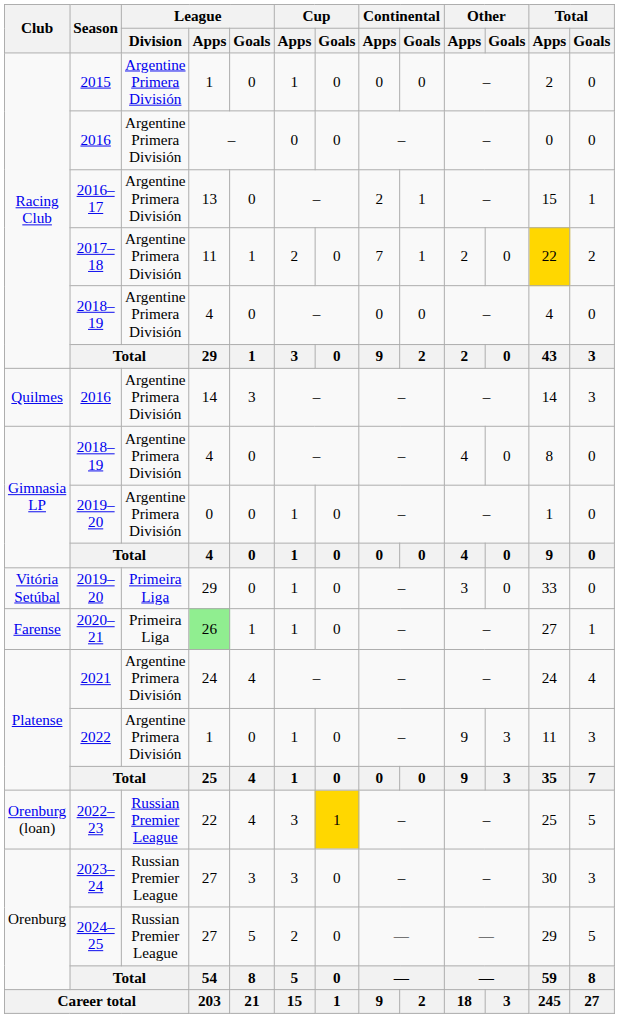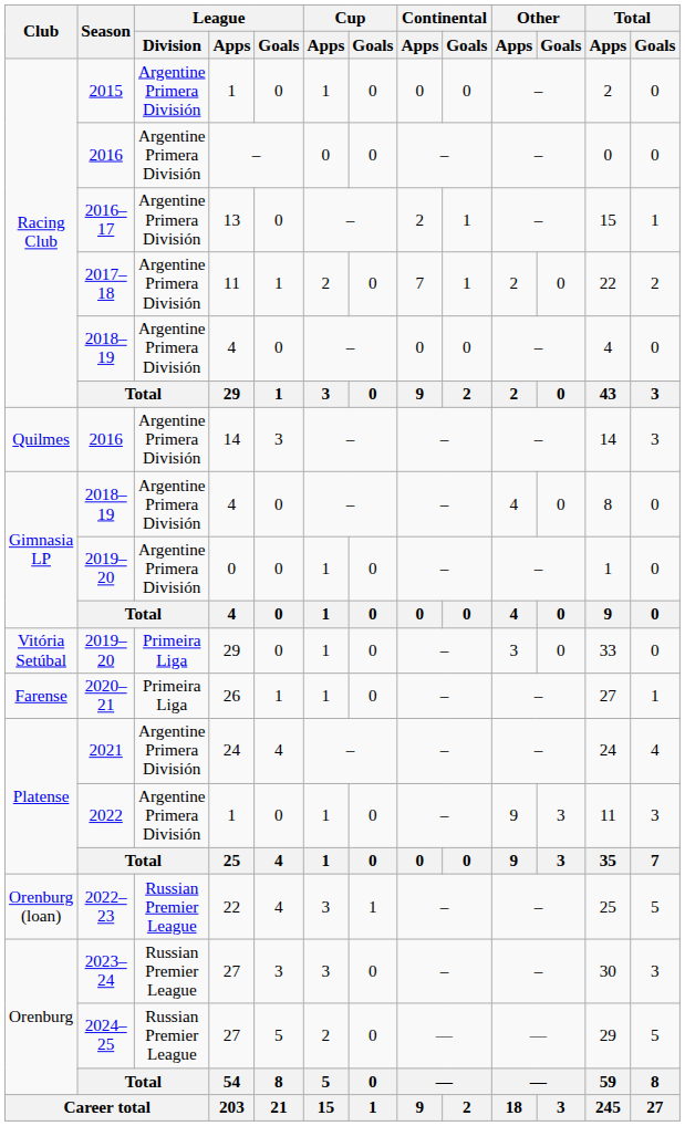 <table class="wikitable" style="text-align: center;">
 <tr>
 <th rowspan="2">Club</th>
 <th rowspan="2">Season</th>
 <th colspan="3">League</th>
 <th colspan="2">Cup</th>
 <th colspan="2">Continental</th>
 <th colspan="2">Other</th>
 <th colspan="2">Total</th>
 </tr>
 <tr>
 <th>Division</th>
 <th>Apps</th>
 <th>Goals</th>
 <th>Apps</th>
 <th>Goals</th>
 <th>Apps</th>
 <th>Goals</th>
 <th>Apps</th>
 <th>Goals</th>
 <th>Apps</th>
 <th>Goals</th>
 </tr>
 <tr>
 <td rowspan="6"><a href='#'>Racing Club</a></td>
 <td><a href='#'>2015</a></td>
 <td><a href='#'>Argentine Primera División</a></td>
 <td>1</td>
 <td>0</td>
 <td>1</td>
 <td>0</td>
 <td>0</td>
 <td>0</td>
 <td colspan=2>–</td>
 <td>2</td>
 <td>0</td>
 </tr>
 <tr>
 <td><a href='#'>2016</a></td>
 <td>Argentine Primera División</td>
 <td colspan=2>–</td>
 <td>0</td>
 <td>0</td>
 <td colspan=2>–</td>
 <td colspan=2>–</td>
 <td>0</td>
 <td>0</td>
 </tr>
 <tr>
 <td><a href='#'>2016–17</a></td>
 <td>Argentine Primera División</td>
 <td>13</td>
 <td>0</td>
 <td colspan=2>–</td>
 <td>2</td>
 <td>1</td>
 <td colspan=2>–</td>
 <td>15</td>
 <td>1</td>
 </tr>
 <tr>
 <td><a href='#'>2017–18</a></td>
 <td>Argentine Primera División</td>
 <td>11</td>
 <td>1</td>
 <td>2</td>
 <td>0</td>
 <td>7</td>
 <td>1</td>
 <td>2</td>
 <td>0</td>
-<td style="background: gold;">22</td>
+<td>22</td>
 <td>2</td>
 </tr>
 <tr>
 <td><a href='#'>2018–19</a></td>
 <td>Argentine Primera División</td>
 <td>4</td>
 <td>0</td>
 <td colspan=2>–</td>
 <td>0</td>
 <td>0</td>
 <td colspan=2>–</td>
 <td>4</td>
 <td>0</td>
 </tr>
 <tr>
 <th colspan=2>Total</th>
 <th>29</th>
 <th>1</th>
 <th>3</th>
 <th>0</th>
 <th>9</th>
 <th>2</th>
 <th>2</th>
 <th>0</th>
 <th>43</th>
 <th>3</th>
 </tr>
 <tr>
 <td><a href='#'>Quilmes</a></td>
 <td><a href='#'>2016</a></td>
 <td>Argentine Primera División</td>
 <td>14</td>
 <td>3</td>
 <td colspan=2>–</td>
 <td colspan=2>–</td>
 <td colspan=2>–</td>
 <td>14</td>
 <td>3</td>
 </tr>
 <tr>
 <td rowspan="3"><a href='#'>Gimnasia LP</a></td>
 <td><a href='#'>2018–19</a></td>
 <td>Argentine Primera División</td>
 <td>4</td>
 <td>0</td>
 <td colspan=2>–</td>
 <td colspan=2>–</td>
 <td>4</td>
 <td>0</td>
 <td>8</td>
 <td>0</td>
 </tr>
 <tr>
 <td><a href='#'>2019–20</a></td>
 <td>Argentine Primera División</td>
 <td>0</td>
 <td>0</td>
 <td>1</td>
 <td>0</td>
 <td colspan=2>–</td>
 <td colspan=2>–</td>
 <td>1</td>
 <td>0</td>
 </tr>
 <tr>
 <th colspan=2>Total</th>
 <th>4</th>
 <th>0</th>
 <th>1</th>
 <th>0</th>
 <th>0</th>
 <th>0</th>
 <th>4</th>
 <th>0</th>
 <th>9</th>
 <th>0</th>
 </tr>
 <tr>
 <td><a href='#'>Vitória Setúbal</a></td>
 <td><a href='#'>2019–20</a></td>
 <td><a href='#'>Primeira Liga</a></td>
 <td>29</td>
 <td>0</td>
 <td>1</td>
 <td>0</td>
 <td colspan=2>–</td>
 <td>3</td>
 <td>0</td>
 <td>33</td>
 <td>0</td>
 </tr>
 <tr>
 <td><a href='#'>Farense</a></td>
 <td><a href='#'>2020–21</a></td>
 <td>Primeira Liga</td>
-<td style="background: lightgreen;">26</td>
+<td>26</td>
 <td>1</td>
 <td>1</td>
 <td>0</td>
 <td colspan=2>–</td>
 <td colspan=2>–</td>
 <td>27</td>
 <td>1</td>
 </tr>
 <tr>
 <td rowspan="3"><a href='#'>Platense</a></td>
 <td><a href='#'>2021</a></td>
 <td>Argentine Primera División</td>
 <td>24</td>
 <td>4</td>
 <td colspan=2>–</td>
 <td colspan=2>–</td>
 <td colspan=2>–</td>
 <td>24</td>
 <td>4</td>
 </tr>
 <tr>
 <td><a href='#'>2022</a></td>
 <td>Argentine Primera División</td>
 <td>1</td>
 <td>0</td>
 <td>1</td>
 <td>0</td>
 <td colspan=2>–</td>
 <td>9</td>
 <td>3</td>
 <td>11</td>
 <td>3</td>
 </tr>
 <tr>
 <th colspan=2>Total</th>
 <th>25</th>
 <th>4</th>
 <th>1</th>
 <th>0</th>
 <th>0</th>
 <th>0</th>
 <th>9</th>
 <th>3</th>
 <th>35</th>
 <th>7</th>
 </tr>
 <tr>
 <td><a href='#'>Orenburg</a> (loan)</td>
 <td><a href='#'>2022–23</a></td>
 <td><a href='#'>Russian Premier League</a></td>
 <td>22</td>
 <td>4</td>
 <td>3</td>
-<td style="background: gold;">1</td>
+<td>1</td>
 <td colspan=2>–</td>
 <td colspan=2>–</td>
 <td>25</td>
 <td>5</td>
 </tr>
 <tr>
 <td rowspan="3">Orenburg</td>
 <td><a href='#'>2023–24</a></td>
 <td>Russian Premier League</td>
 <td>27</td>
 <td>3</td>
 <td>3</td>
 <td>0</td>
 <td colspan=2>–</td>
 <td colspan=2>–</td>
 <td>30</td>
 <td>3</td>
 </tr>
 <tr>
 <td><a href='#'>2024–25</a></td>
 <td>Russian Premier League</td>
 <td>27</td>
 <td>5</td>
 <td>2</td>
 <td>0</td>
 <td colspan="2">—</td>
 <td colspan="2">—</td>
 <td>29</td>
 <td>5</td>
 </tr>
 <tr>
 <th colspan="2">Total</th>
 <th>54</th>
 <th>8</th>
 <th>5</th>
 <th>0</th>
 <th colspan="2">—</th>
 <th colspan="2">—</th>
 <th>59</th>
 <th>8</th>
 </tr>
 <tr>
 <th colspan="3">Career total</th>
 <th>203</th>
 <th>21</th>
 <th>15</th>
 <th>1</th>
 <th>9</th>
 <th>2</th>
 <th>18</th>
 <th>3</th>
 <th>245</th>
 <th>27</th>
 </tr>
 </table>
